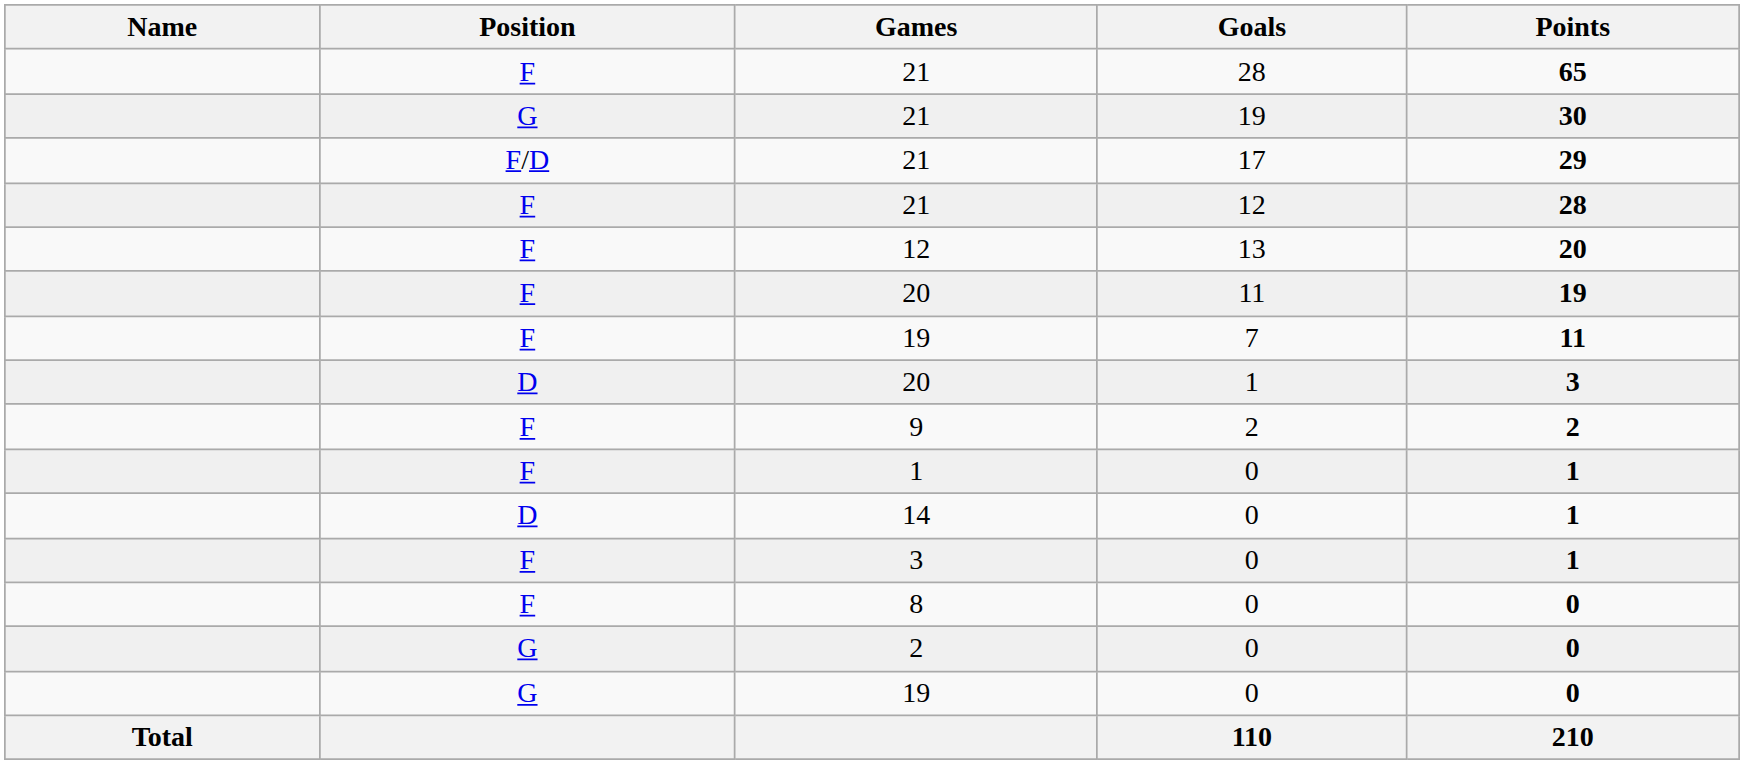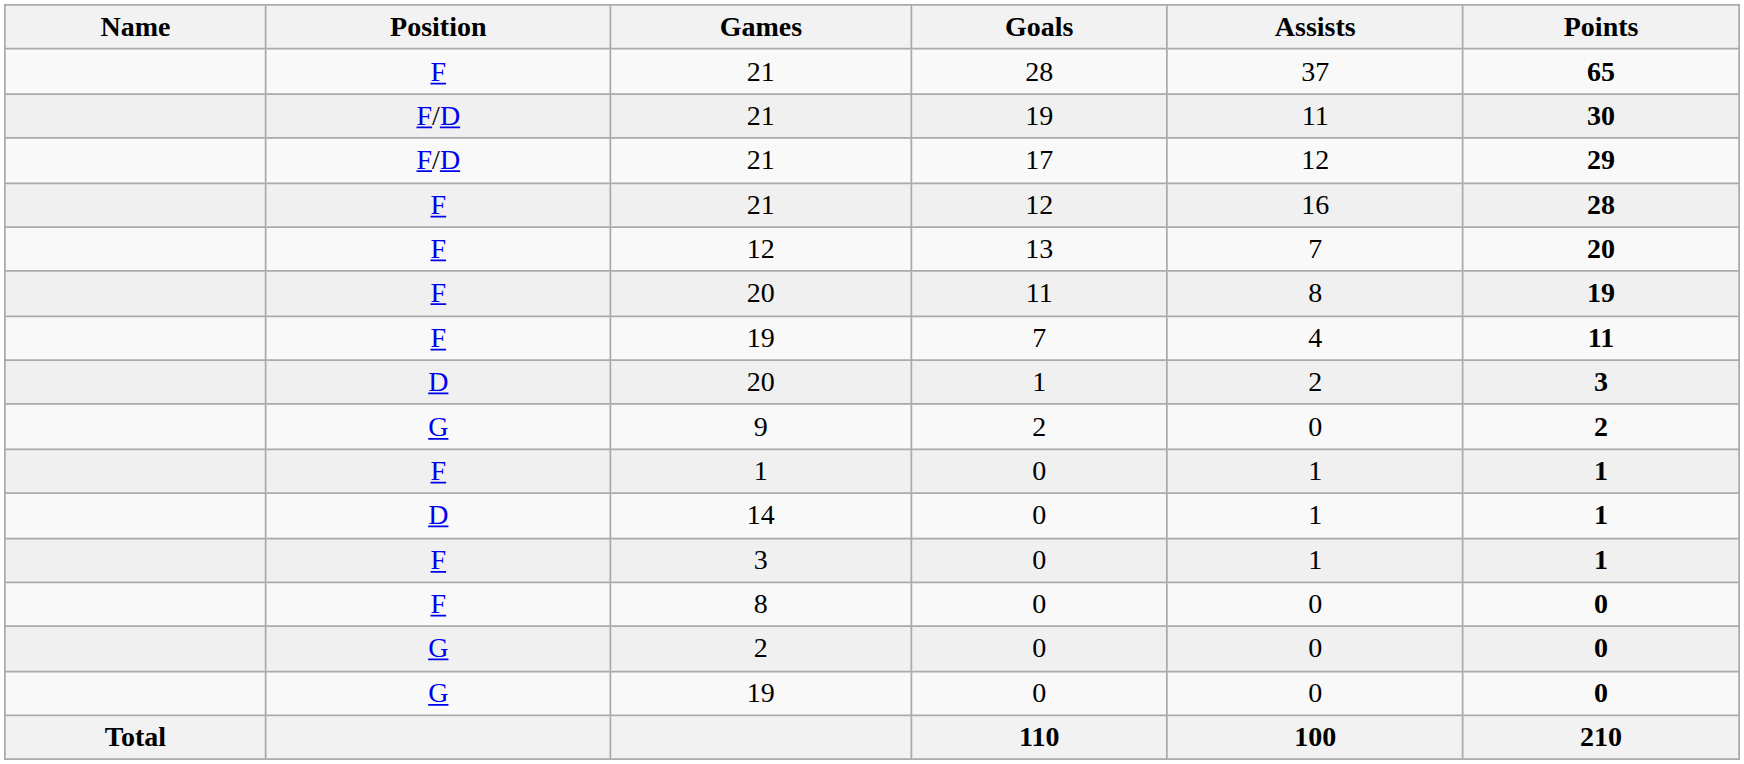 <table class="wikitable sortable" width ="50%">
 <tr align="center">
 <th><strong>Name</strong></th>
 <th><strong>Position</strong></th>
 <th><strong>Games</strong></th>
 <th><strong>Goals</strong></th>
+<th><strong>Assists</strong></th>
 <th><strong>Points</strong></th>
 </tr>
 <tr align="center" bgcolor="">
 <td></td>
 <td><a href='#'>F</a></td>
 <td>21</td>
 <td>28</td>
+<td>37</td>
 <td><strong>65</strong></td>
 </tr>
 <tr align="center" bgcolor="f0f0f0">
 <td></td>
-<td><a href='#'>G</a></td>
+<td><a href='#'>F</a>/<a href='#'>D</a></td>
 <td>21</td>
 <td>19</td>
+<td>11</td>
 <td><strong>30</strong></td>
 </tr>
 <tr align="center" bgcolor="">
 <td></td>
 <td><a href='#'>F</a>/<a href='#'>D</a></td>
 <td>21</td>
 <td>17</td>
+<td>12</td>
 <td><strong>29</strong></td>
 </tr>
 <tr align="center" bgcolor="f0f0f0">
 <td></td>
 <td><a href='#'>F</a></td>
 <td>21</td>
 <td>12</td>
+<td>16</td>
 <td><strong>28</strong></td>
 </tr>
 <tr align="center" bgcolor="">
 <td></td>
 <td><a href='#'>F</a></td>
 <td>12</td>
 <td>13</td>
+<td>7</td>
 <td><strong>20</strong></td>
 </tr>
 <tr align="center" bgcolor="f0f0f0">
 <td></td>
 <td><a href='#'>F</a></td>
 <td>20</td>
 <td>11</td>
+<td>8</td>
 <td><strong>19</strong></td>
 </tr>
 <tr align="center" bgcolor="">
 <td></td>
 <td><a href='#'>F</a></td>
 <td>19</td>
 <td>7</td>
+<td>4</td>
 <td><strong>11</strong></td>
 </tr>
 <tr align="center" bgcolor="f0f0f0">
 <td></td>
 <td><a href='#'>D</a></td>
 <td>20</td>
 <td>1</td>
+<td>2</td>
 <td><strong>3</strong></td>
 </tr>
 <tr align="center" bgcolor="">
 <td></td>
-<td><a href='#'>F</a></td>
+<td><a href='#'>G</a></td>
 <td>9</td>
 <td>2</td>
+<td>0</td>
 <td><strong>2</strong></td>
 </tr>
 <tr align="center" bgcolor="f0f0f0">
 <td></td>
 <td><a href='#'>F</a></td>
 <td>1</td>
 <td>0</td>
+<td>1</td>
 <td><strong>1</strong></td>
 </tr>
 <tr align="center" bgcolor="">
 <td></td>
 <td><a href='#'>D</a></td>
 <td>14</td>
 <td>0</td>
+<td>1</td>
 <td><strong>1</strong></td>
 </tr>
 <tr align="center" bgcolor="f0f0f0">
 <td></td>
 <td><a href='#'>F</a></td>
 <td>3</td>
 <td>0</td>
+<td>1</td>
 <td><strong>1</strong></td>
 </tr>
 <tr align="center" bgcolor="">
 <td></td>
 <td><a href='#'>F</a></td>
 <td>8</td>
+<td>0</td>
 <td>0</td>
 <td><strong>0</strong></td>
 </tr>
 <tr align="center" bgcolor="f0f0f0">
 <td></td>
 <td><a href='#'>G</a></td>
 <td>2</td>
 <td>0</td>
+<td>0</td>
 <td><strong>0</strong></td>
 </tr>
 <tr align="center" bgcolor="">
 <td></td>
 <td><a href='#'>G</a></td>
 <td>19</td>
+<td>0</td>
 <td>0</td>
 <td><strong>0</strong></td>
 </tr>
 <tr>
 <th>Total</th>
 <th></th>
 <th></th>
 <th>110</th>
+<th>100</th>
 <th>210</th>
 </tr>
 </table>
